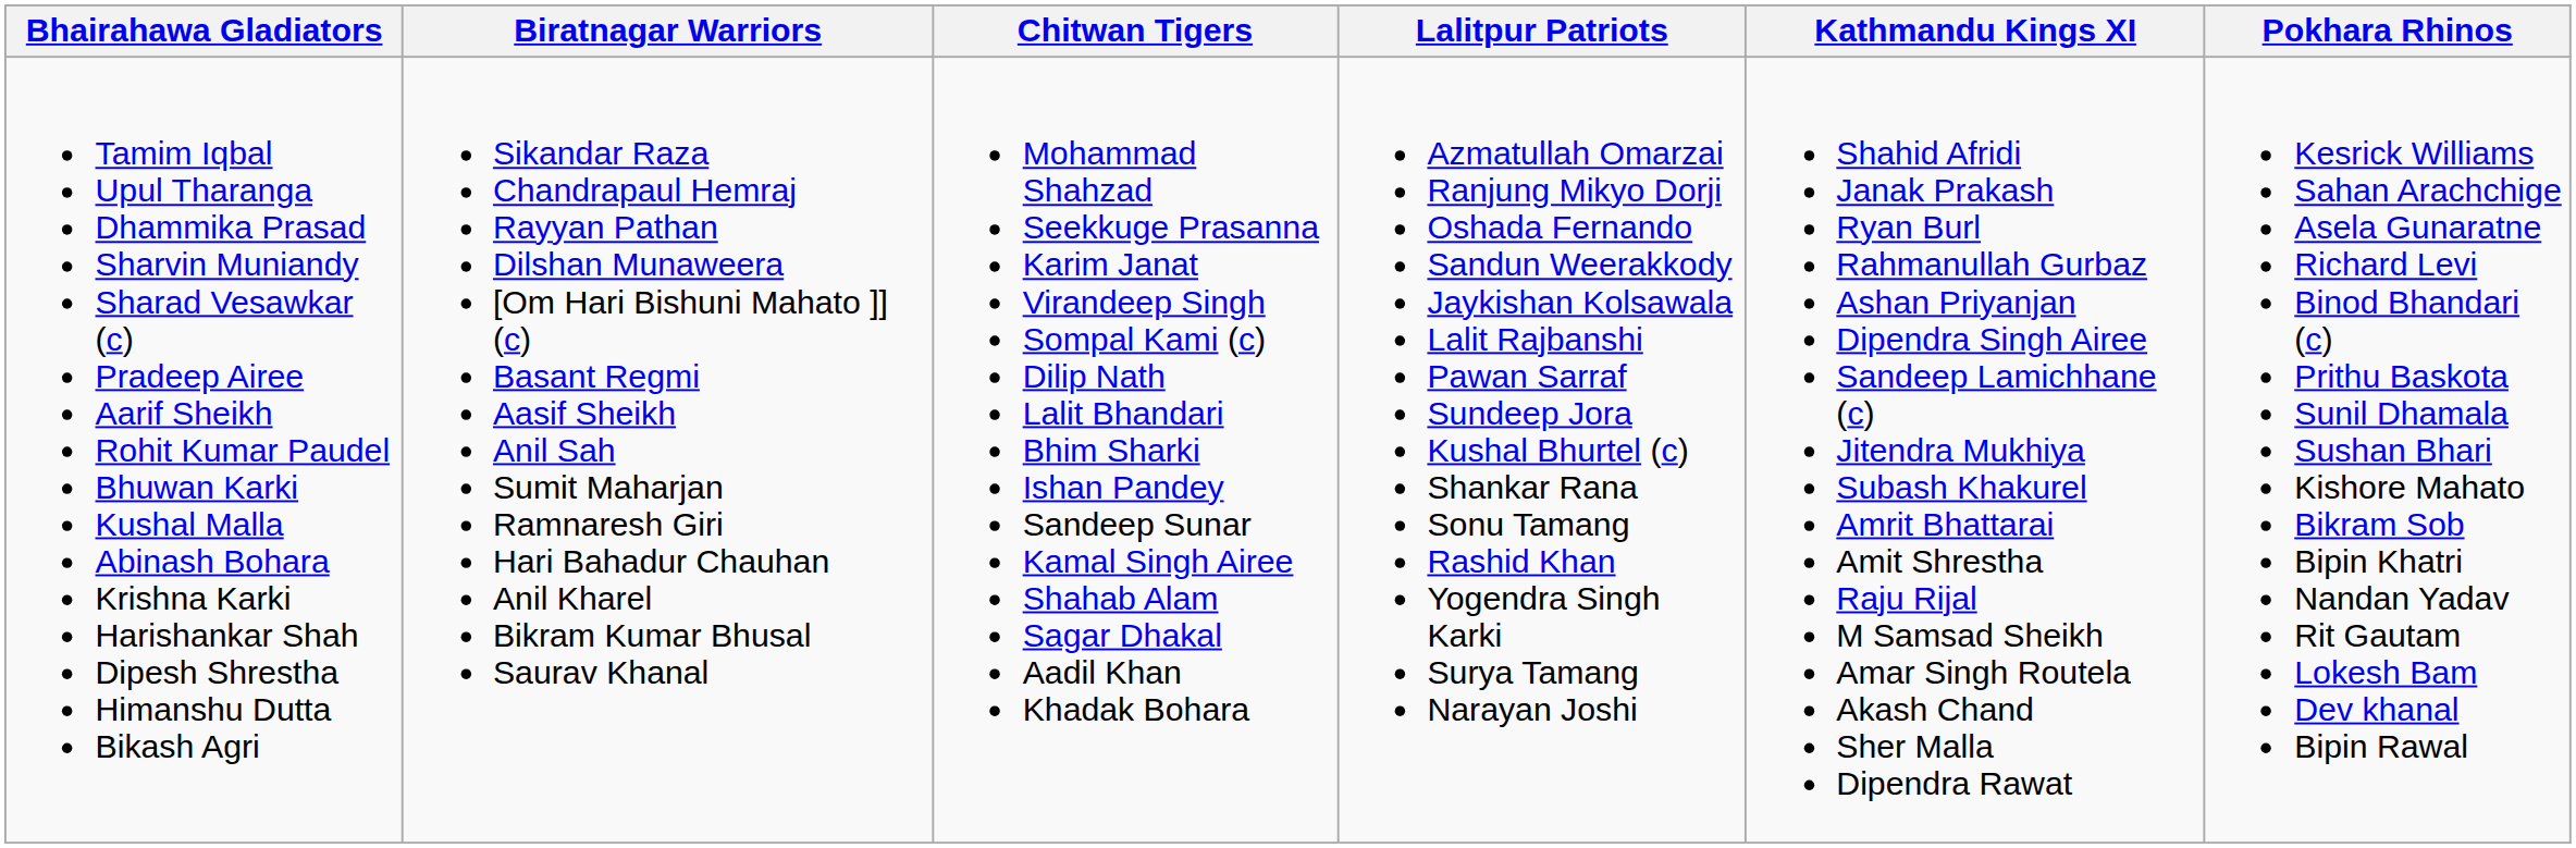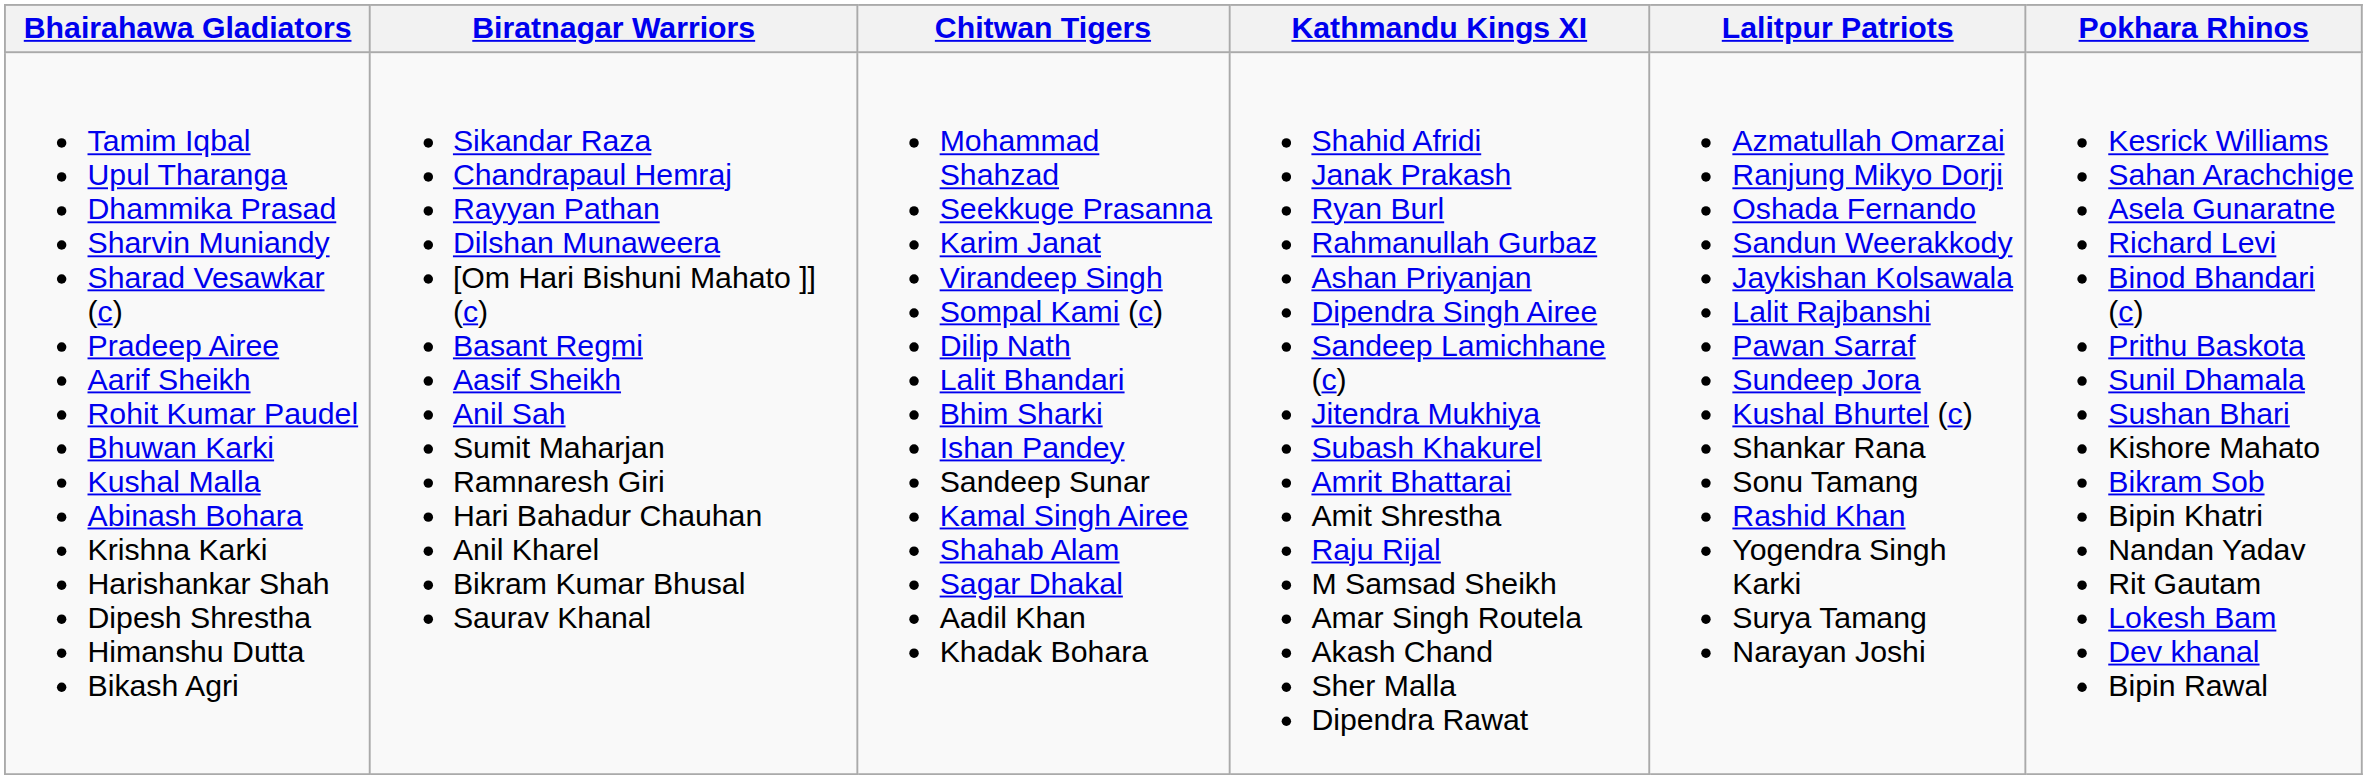 <table class="wikitable">
 <tr>
 <th><a href='#'>Bhairahawa Gladiators</a></th>
 <th><a href='#'>Biratnagar Warriors</a></th>
 <th><a href='#'>Chitwan Tigers</a></th>
+<th><a href='#'>Kathmandu Kings XI</a></th>
 <th><a href='#'>Lalitpur Patriots</a></th>
-<th><a href='#'>Kathmandu Kings XI</a></th>
 <th><a href='#'>Pokhara Rhinos</a></th>
 </tr>
 <tr>
 <td valign=top><br><ul><li><a href='#'>Tamim Iqbal</a></li><li><a href='#'>Upul Tharanga</a></li><li><a href='#'>Dhammika Prasad</a></li><li><a href='#'>Sharvin Muniandy</a></li><li><a href='#'>Sharad Vesawkar</a> (<a href='#'>c</a>)</li><li><a href='#'>Pradeep Airee</a></li><li><a href='#'>Aarif Sheikh</a></li><li><a href='#'>Rohit Kumar Paudel</a></li><li><a href='#'>Bhuwan Karki</a></li><li><a href='#'>Kushal Malla</a></li><li><a href='#'>Abinash Bohara</a></li><li>Krishna Karki</li><li>Harishankar Shah</li><li>Dipesh Shrestha</li><li>Himanshu Dutta</li><li>Bikash Agri</li></ul></td>
 <td valign=top><br><ul><li><a href='#'>Sikandar Raza</a></li><li><a href='#'>Chandrapaul Hemraj</a></li><li><a href='#'>Rayyan Pathan</a></li><li><a href='#'>Dilshan Munaweera</a></li><li>[Om Hari Bishuni Mahato ]] (<a href='#'>c</a>)</li><li><a href='#'>Basant Regmi</a></li><li><a href='#'>Aasif Sheikh</a></li><li><a href='#'>Anil Sah</a></li><li>Sumit Maharjan</li><li>Ramnaresh Giri</li><li>Hari Bahadur Chauhan</li><li>Anil Kharel</li><li>Bikram Kumar Bhusal</li><li>Saurav Khanal</li></ul></td>
 <td valign=top><br><ul><li><a href='#'>Mohammad Shahzad</a></li><li><a href='#'>Seekkuge Prasanna</a></li><li><a href='#'>Karim Janat</a></li><li><a href='#'>Virandeep Singh</a></li><li><a href='#'>Sompal Kami</a> (<a href='#'>c</a>)</li><li><a href='#'>Dilip Nath</a></li><li><a href='#'>Lalit Bhandari</a></li><li><a href='#'>Bhim Sharki</a></li><li><a href='#'>Ishan Pandey</a></li><li>Sandeep Sunar</li><li><a href='#'>Kamal Singh Airee</a></li><li><a href='#'>Shahab Alam</a></li><li><a href='#'>Sagar Dhakal</a></li><li>Aadil Khan</li><li>Khadak Bohara</li></ul></td>
+<td valign=top><br><ul><li><a href='#'>Shahid Afridi</a></li><li><a href='#'>Janak Prakash</a></li><li><a href='#'>Ryan Burl</a></li><li><a href='#'>Rahmanullah Gurbaz</a></li><li><a href='#'>Ashan Priyanjan</a></li><li><a href='#'>Dipendra Singh Airee</a></li><li><a href='#'>Sandeep Lamichhane</a> (<a href='#'>c</a>)</li><li><a href='#'>Jitendra Mukhiya</a></li><li><a href='#'>Subash Khakurel</a></li><li><a href='#'>Amrit Bhattarai</a></li><li>Amit Shrestha</li><li><a href='#'>Raju Rijal</a></li><li>M Samsad Sheikh</li><li>Amar Singh Routela</li><li>Akash Chand</li><li>Sher Malla</li><li>Dipendra Rawat</li></ul></td>
 <td valign=top><br><ul><li><a href='#'>Azmatullah Omarzai</a></li><li><a href='#'>Ranjung Mikyo Dorji</a></li><li><a href='#'>Oshada Fernando</a></li><li><a href='#'>Sandun Weerakkody</a></li><li><a href='#'>Jaykishan Kolsawala</a></li><li><a href='#'>Lalit Rajbanshi</a></li><li><a href='#'>Pawan Sarraf</a></li><li><a href='#'>Sundeep Jora</a></li><li><a href='#'>Kushal Bhurtel</a> (<a href='#'>c</a>)</li><li>Shankar Rana</li><li>Sonu Tamang</li><li><a href='#'>Rashid Khan</a></li><li>Yogendra Singh Karki</li><li>Surya Tamang</li><li>Narayan Joshi</li></ul></td>
-<td valign=top><br><ul><li><a href='#'>Shahid Afridi</a></li><li><a href='#'>Janak Prakash</a></li><li><a href='#'>Ryan Burl</a></li><li><a href='#'>Rahmanullah Gurbaz</a></li><li><a href='#'>Ashan Priyanjan</a></li><li><a href='#'>Dipendra Singh Airee</a></li><li><a href='#'>Sandeep Lamichhane</a> (<a href='#'>c</a>)</li><li><a href='#'>Jitendra Mukhiya</a></li><li><a href='#'>Subash Khakurel</a></li><li><a href='#'>Amrit Bhattarai</a></li><li>Amit Shrestha</li><li><a href='#'>Raju Rijal</a></li><li>M Samsad Sheikh</li><li>Amar Singh Routela</li><li>Akash Chand</li><li>Sher Malla</li><li>Dipendra Rawat</li></ul></td>
 <td valign=top><br><ul><li><a href='#'>Kesrick Williams</a></li><li><a href='#'>Sahan Arachchige</a></li><li><a href='#'>Asela Gunaratne</a></li><li><a href='#'>Richard Levi</a></li><li><a href='#'>Binod Bhandari</a> (<a href='#'>c</a>)</li><li><a href='#'>Prithu Baskota</a></li><li><a href='#'>Sunil Dhamala</a></li><li><a href='#'>Sushan Bhari</a></li><li>Kishore Mahato</li><li><a href='#'>Bikram Sob</a></li><li>Bipin Khatri</li><li>Nandan Yadav</li><li>Rit Gautam</li><li><a href='#'>Lokesh Bam</a></li><li><a href='#'>Dev khanal</a></li><li>Bipin Rawal</li></ul></td>
 </tr>
 </table>
